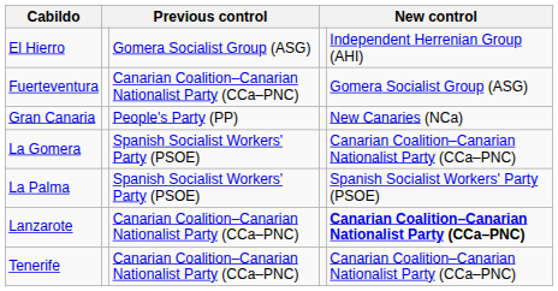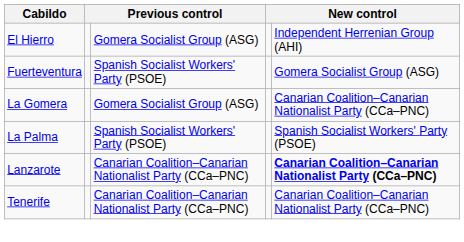 <table class="wikitable sortable">
 <tr>
 <th>Cabildo</th>
 <th colspan="2" style="width:375px;">Previous control</th>
 <th colspan="2" style="width:375px;">New control</th>
 </tr>
 <tr>
 <td><a href='#'>El Hierro</a></td>
 <td width="1" style="color:inherit;background:"></td>
 <td><a href='#'>Gomera Socialist Group</a> (ASG)</td>
 <td width="1" style="color:inherit;background:"></td>
 <td><a href='#'>Independent Herrenian Group</a> (AHI)</td>
 </tr>
 <tr>
 <td><a href='#'>Fuerteventura</a></td>
 <td style="color:inherit;background:"></td>
-<td><a href='#'>Canarian Coalition–Canarian Nationalist Party</a> (CCa–PNC)</td>
+<td><a href='#'>Spanish Socialist Workers' Party</a> (PSOE)</td>
 <td style="color:inherit;background:"></td>
 <td><a href='#'>Gomera Socialist Group</a> (ASG)</td>
 </tr>
 <tr>
-<td><a href='#'>Gran Canaria</a></td>
-<td style="color:inherit;background:"></td>
-<td><a href='#'>People's Party</a> (PP)</td>
-<td style="color:inherit;background:"></td>
-<td><a href='#'>New Canaries</a> (NCa)</td>
-</tr>
-<tr>
 <td><a href='#'>La Gomera</a></td>
 <td style="color:inherit;background:"></td>
-<td><a href='#'>Spanish Socialist Workers' Party</a> (PSOE)</td>
+<td><a href='#'>Gomera Socialist Group</a> (ASG)</td>
 <td style="color:inherit;background:"></td>
 <td><a href='#'>Canarian Coalition–Canarian Nationalist Party</a> (CCa–PNC)</td>
 </tr>
 <tr>
 <td><a href='#'>La Palma</a></td>
 <td style="color:inherit;background:"></td>
 <td><a href='#'>Spanish Socialist Workers' Party</a> (PSOE)</td>
 <td style="color:inherit;background:"></td>
 <td><a href='#'>Spanish Socialist Workers' Party</a> (PSOE)</td>
 </tr>
 <tr>
 <td><a href='#'>Lanzarote</a></td>
 <td style="color:inherit;background:"></td>
 <td><a href='#'>Canarian Coalition–Canarian Nationalist Party</a> (CCa–PNC)</td>
 <td style="color:inherit;background:"></td>
 <td><strong><a href='#'>Canarian Coalition–Canarian Nationalist Party</a> (CCa–PNC)</strong></td>
 </tr>
 <tr>
 <td><a href='#'>Tenerife</a></td>
 <td style="color:inherit;background:"></td>
 <td><a href='#'>Canarian Coalition–Canarian Nationalist Party</a> (CCa–PNC)</td>
 <td style="color:inherit;background:"></td>
 <td><a href='#'>Canarian Coalition–Canarian Nationalist Party</a> (CCa–PNC)</td>
 </tr>
 </table>
